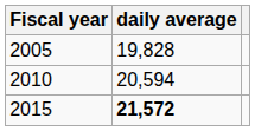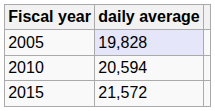 <table class="wikitable">
 <tr>
 <th>Fiscal year</th>
 <th>daily average</th>
 <th></th>
 </tr>
 <tr>
 <td>2005</td>
-<td>19,828</td>
+<td style="background: lavender;">19,828</td>
 <td></td>
 </tr>
 <tr>
 <td>2010</td>
 <td>20,594</td>
 <td></td>
 </tr>
 <tr>
 <td>2015</td>
-<td><strong>21,572</strong></td>
+<td>21,572</td>
 <td></td>
 </tr>
 <tr>
 </tr>
 </table>
